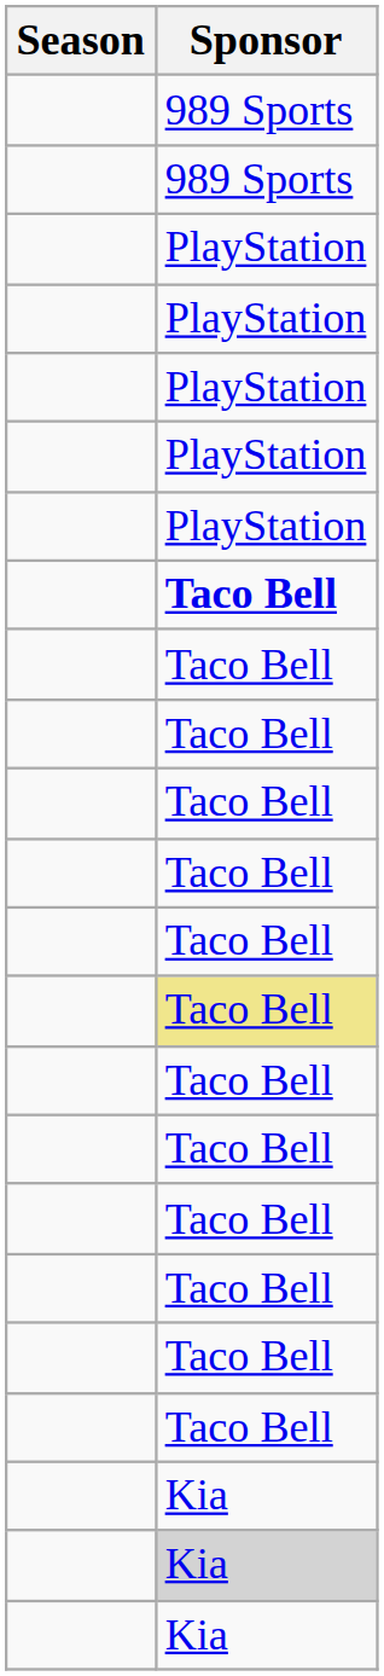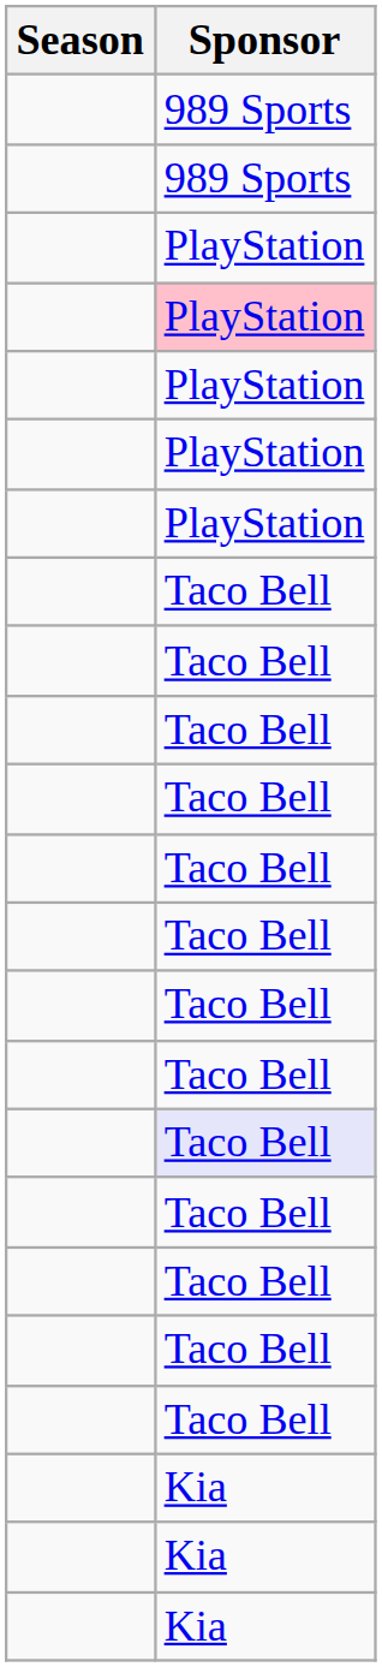 <table class="wikitable">
 <tr>
 <th>Season</th>
 <th>Sponsor</th>
 </tr>
 <tr>
 <td></td>
 <td><a href='#'>989 Sports</a></td>
 </tr>
 <tr>
 <td></td>
 <td><a href='#'>989 Sports</a></td>
 </tr>
 <tr>
 <td></td>
 <td><a href='#'>PlayStation</a></td>
 </tr>
 <tr>
 <td></td>
-<td><a href='#'>PlayStation</a></td>
+<td style="background: pink;"><a href='#'>PlayStation</a></td>
 </tr>
 <tr>
 <td></td>
 <td><a href='#'>PlayStation</a></td>
 </tr>
 <tr>
 <td></td>
 <td><a href='#'>PlayStation</a></td>
 </tr>
 <tr>
 <td></td>
 <td><a href='#'>PlayStation</a></td>
-</tr>
-<tr>
-<td></td>
-<td><strong><a href='#'>Taco Bell</a></strong></td>
-</tr>
-<tr>
-<td></td>
-<td><a href='#'>Taco Bell</a></td>
-</tr>
-<tr>
-<td></td>
-<td><a href='#'>Taco Bell</a></td>
-</tr>
-<tr>
-<td></td>
-<td><a href='#'>Taco Bell</a></td>
-</tr>
-<tr>
-<td></td>
-<td><a href='#'>Taco Bell</a></td>
-</tr>
-<tr>
-<td></td>
-<td><a href='#'>Taco Bell</a></td>
-</tr>
-<tr>
-<td></td>
-<td style="background: khaki;"><a href='#'>Taco Bell</a></td>
 </tr>
 <tr>
 <td></td>
 <td><a href='#'>Taco Bell</a></td>
 </tr>
 <tr>
 <td></td>
 <td><a href='#'>Taco Bell</a></td>
 </tr>
 <tr>
 <td></td>
 <td><a href='#'>Taco Bell</a></td>
 </tr>
 <tr>
 <td></td>
 <td><a href='#'>Taco Bell</a></td>
 </tr>
 <tr>
 <td></td>
 <td><a href='#'>Taco Bell</a></td>
 </tr>
 <tr>
 <td></td>
 <td><a href='#'>Taco Bell</a></td>
 </tr>
 <tr>
 <td></td>
+<td><a href='#'>Taco Bell</a></td>
+</tr>
+<tr>
+<td></td>
+<td><a href='#'>Taco Bell</a></td>
+</tr>
+<tr>
+<td></td>
+<td style="background: lavender;"><a href='#'>Taco Bell</a></td>
+</tr>
+<tr>
+<td></td>
+<td><a href='#'>Taco Bell</a></td>
+</tr>
+<tr>
+<td></td>
+<td><a href='#'>Taco Bell</a></td>
+</tr>
+<tr>
+<td></td>
+<td><a href='#'>Taco Bell</a></td>
+</tr>
+<tr>
+<td></td>
+<td><a href='#'>Taco Bell</a></td>
+</tr>
+<tr>
+<td></td>
 <td><a href='#'>Kia</a></td>
 </tr>
 <tr>
 <td></td>
-<td style="background: lightgrey;"><a href='#'>Kia</a></td>
+<td><a href='#'>Kia</a></td>
 </tr>
 <tr>
 <td></td>
 <td><a href='#'>Kia</a></td>
 </tr>
 </table>
